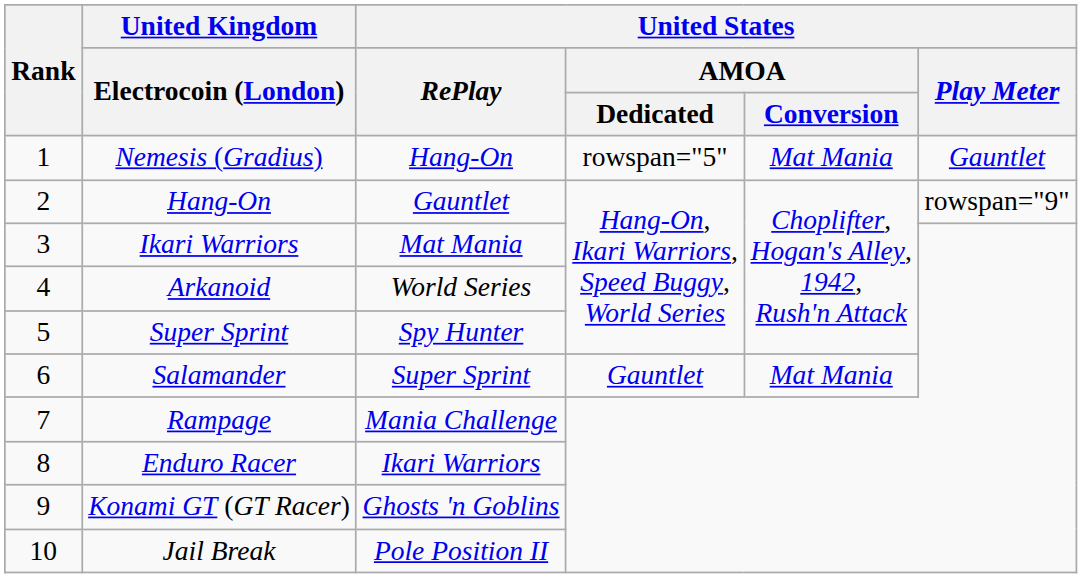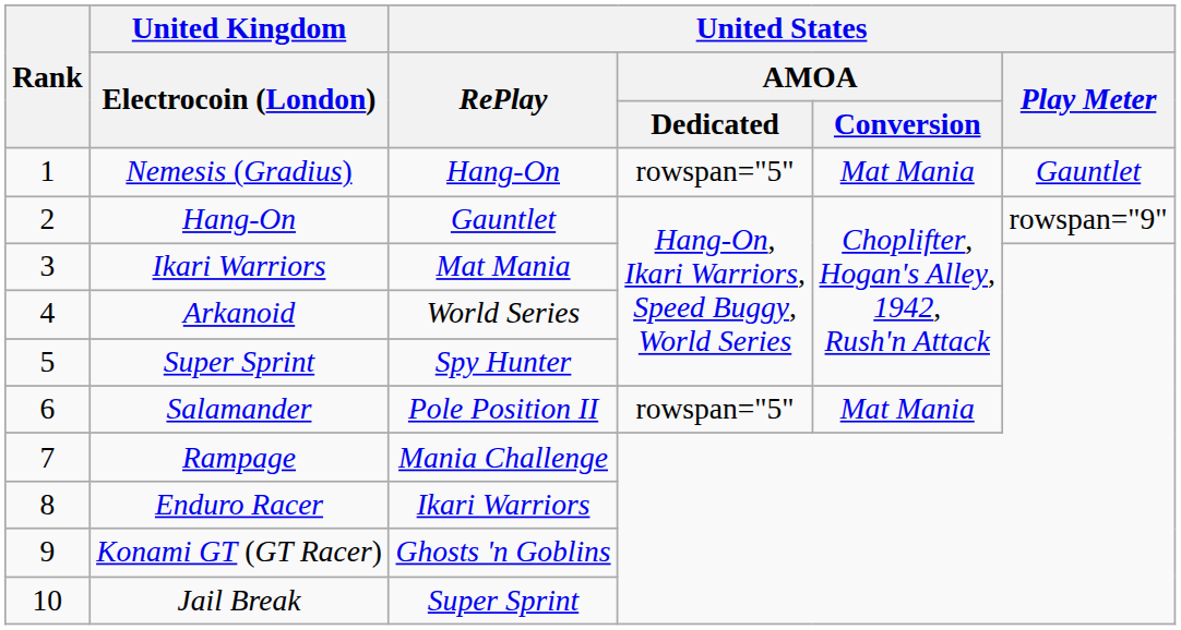 <table class="wikitable sortable" style="text-align:center">
 <tr>
 <th rowspan="3">Rank</th>
 <th><a href='#'>United Kingdom</a></th>
 <th colspan="4"><a href='#'>United States</a></th>
 </tr>
 <tr>
 <th rowspan="2">Electrocoin (<a href='#'>London</a>)</th>
 <th rowspan="2"><em>RePlay</em></th>
 <th colspan="2">AMOA</th>
 <th rowspan="2"><em><a href='#'>Play Meter</a></em></th>
 </tr>
 <tr>
 <th>Dedicated</th>
 <th><a href='#'>Conversion</a></th>
 </tr>
 <tr>
 <td>1</td>
 <td><a href='#'><em>Nemesis</em> (<em>Gradius</em>)</a></td>
 <td><em><a href='#'>Hang-On</a></em></td>
 <td>rowspan="5" </td>
 <td><em><a href='#'>Mat Mania</a></em></td>
 <td><em><a href='#'>Gauntlet</a></em></td>
 </tr>
 <tr>
 <td>2</td>
 <td><em><a href='#'>Hang-On</a></em></td>
 <td><em><a href='#'>Gauntlet</a></em></td>
 <td rowspan="4"><em><a href='#'>Hang-On</a></em>, <br> <em><a href='#'>Ikari Warriors</a></em>, <br> <em><a href='#'>Speed Buggy</a></em>, <br> <em><a href='#'>World Series</a></em></td>
 <td rowspan="4"><em><a href='#'>Choplifter</a></em>, <br> <em><a href='#'>Hogan's Alley</a></em>, <br> <em><a href='#'>1942</a></em>, <br> <em><a href='#'>Rush'n Attack</a></em></td>
 <td>rowspan="9" </td>
 </tr>
 <tr>
 <td>3</td>
 <td><em><a href='#'>Ikari Warriors</a></em></td>
 <td><em><a href='#'>Mat Mania</a></em></td>
 </tr>
 <tr>
 <td>4</td>
 <td><em><a href='#'>Arkanoid</a></em></td>
 <td><em>World Series</em></td>
 </tr>
 <tr>
 <td>5</td>
 <td><em><a href='#'>Super Sprint</a></em></td>
 <td><em><a href='#'>Spy Hunter</a></em></td>
 </tr>
 <tr>
 <td>6</td>
 <td><em><a href='#'>Salamander</a></em></td>
-<td><em><a href='#'>Super Sprint</a></em></td>
-<td><em><a href='#'>Gauntlet</a></em></td>
+<td><em><a href='#'>Pole Position II</a></em></td>
+<td>rowspan="5" </td>
 <td><em><a href='#'>Mat Mania</a></em></td>
 </tr>
 <tr>
 <td>7</td>
 <td><em><a href='#'>Rampage</a></em></td>
 <td><em><a href='#'>Mania Challenge</a></em></td>
 </tr>
 <tr>
 <td>8</td>
 <td><em><a href='#'>Enduro Racer</a></em></td>
 <td><em><a href='#'>Ikari Warriors</a></em></td>
 </tr>
 <tr>
 <td>9</td>
 <td><em><a href='#'>Konami GT</a></em> (<em>GT Racer</em>)</td>
 <td><em><a href='#'>Ghosts 'n Goblins</a></em></td>
 </tr>
 <tr>
 <td>10</td>
 <td><em>Jail Break</em></td>
-<td><em><a href='#'>Pole Position II</a></em></td>
+<td><em><a href='#'>Super Sprint</a></em></td>
 </tr>
 </table>
